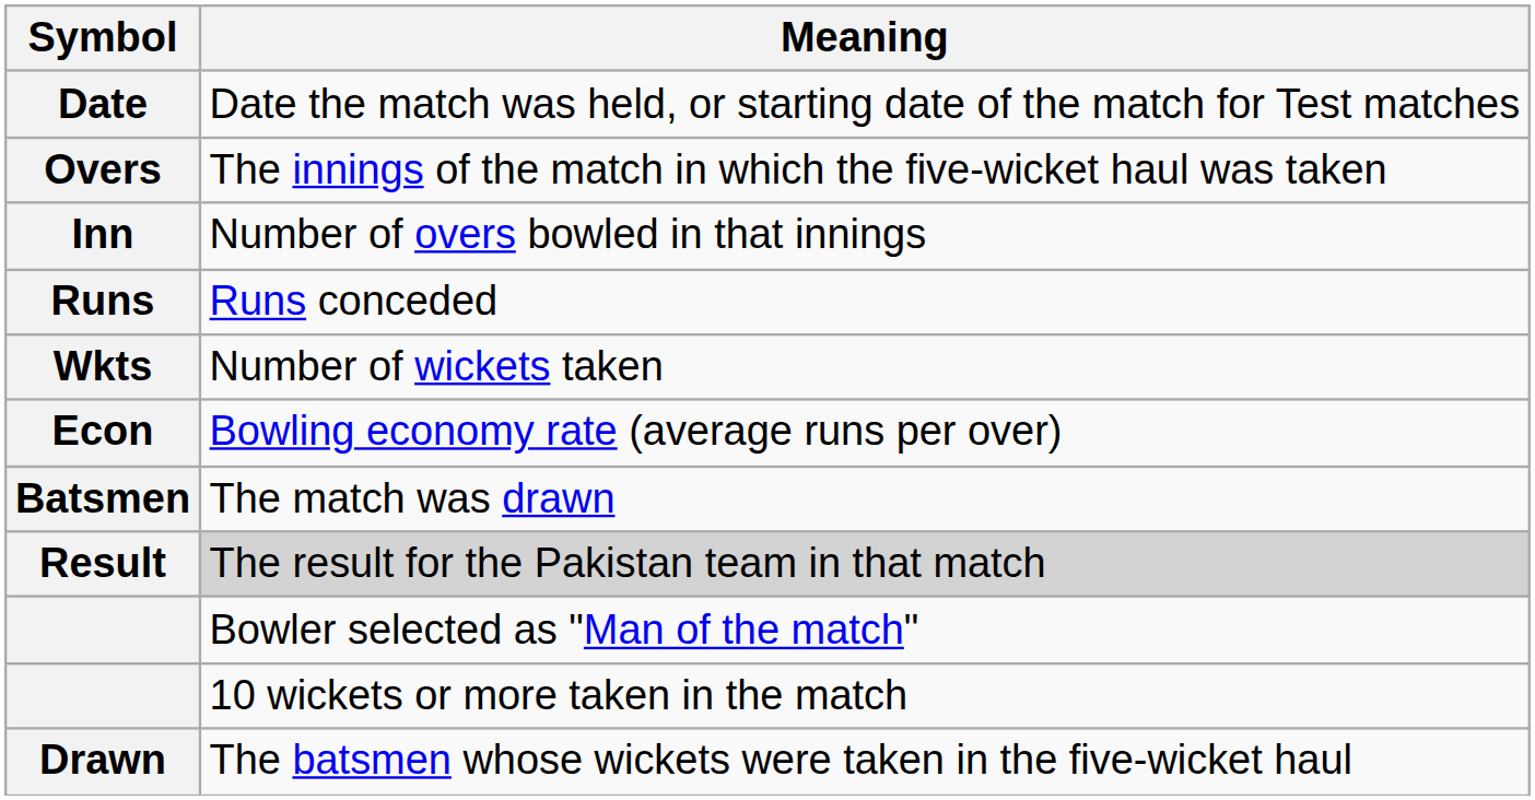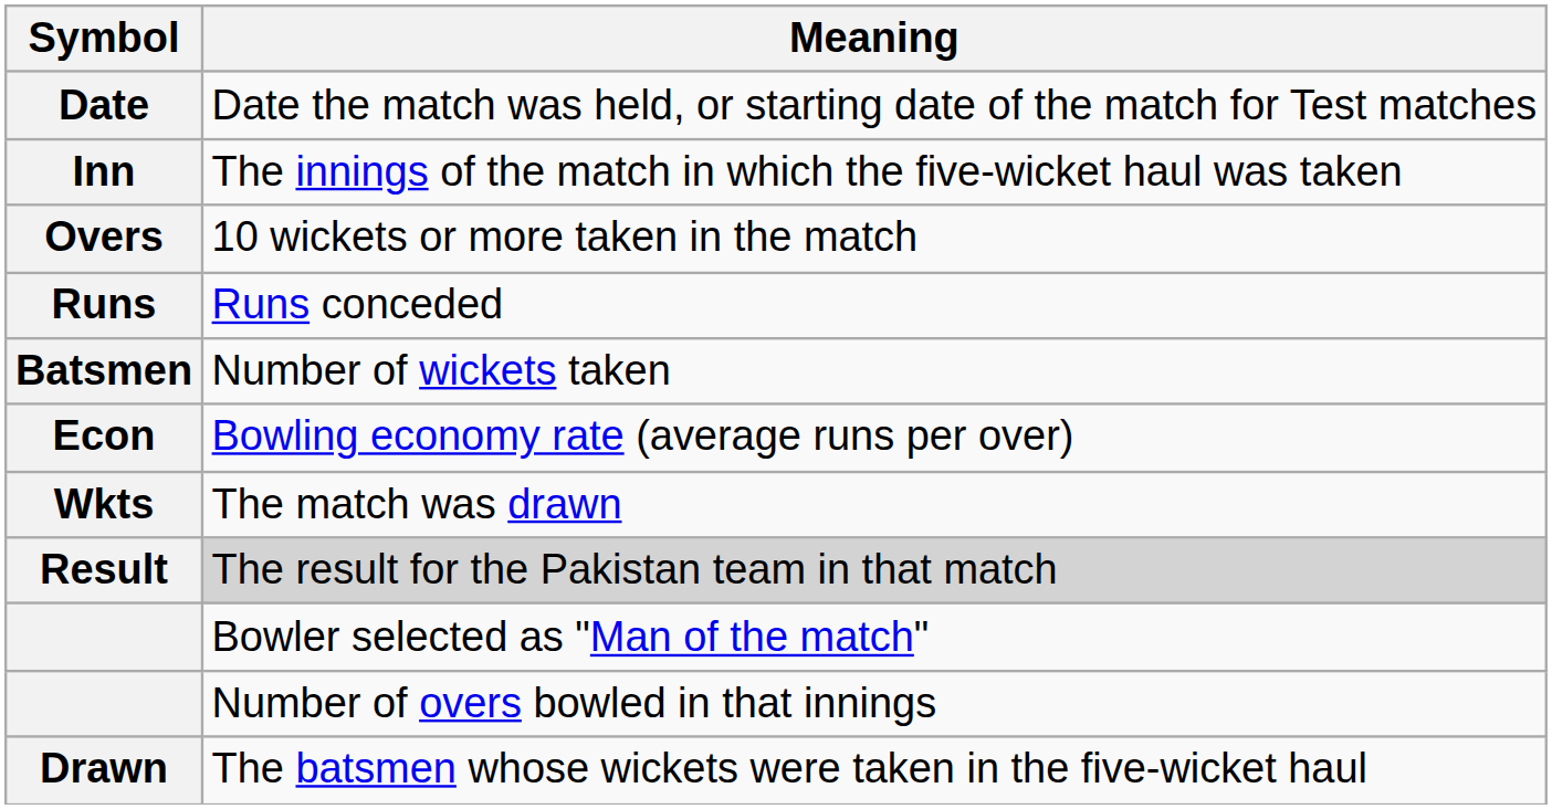 <table class="wikitable plainrowheaders" border="1">
 <tr>
 <th>Symbol</th>
 <th>Meaning</th>
 </tr>
 <tr>
 <th scope="row">Date</th>
 <td>Date the match was held, or starting date of the match for Test matches</td>
 </tr>
 <tr>
-<th scope="row">Overs</th>
+<th scope="row">Inn</th>
 <td>The <a href='#'>innings</a> of the match in which the five-wicket haul was taken</td>
 </tr>
 <tr>
-<th scope="row">Inn</th>
-<td>Number of <a href='#'>overs</a> bowled in that innings</td>
+<th scope="row">Overs</th>
+<td>10 wickets or more taken in the match</td>
 </tr>
 <tr>
 <th scope="row">Runs</th>
 <td><a href='#'>Runs</a> conceded</td>
 </tr>
 <tr>
-<th scope="row">Wkts</th>
+<th scope="row">Batsmen</th>
 <td>Number of <a href='#'>wickets</a> taken</td>
 </tr>
 <tr>
 <th scope="row">Econ</th>
 <td><a href='#'>Bowling economy rate</a> (average runs per over)</td>
 </tr>
 <tr>
-<th scope="row">Batsmen</th>
+<th scope="row">Wkts</th>
 <td>The match was <a href='#'>drawn</a></td>
 </tr>
 <tr>
 <th scope="row">Result</th>
 <td style="background: lightgrey;">The result for the Pakistan team in that match</td>
 </tr>
 <tr>
 <th scope="row"></th>
 <td>Bowler selected as "<a href='#'>Man of the match</a>"</td>
 </tr>
 <tr>
 <th scope="row"></th>
-<td>10 wickets or more taken in the match</td>
+<td>Number of <a href='#'>overs</a> bowled in that innings</td>
 </tr>
 <tr>
 <th scope="row">Drawn</th>
 <td>The <a href='#'>batsmen</a> whose wickets were taken in the five-wicket haul</td>
 </tr>
 </table>
